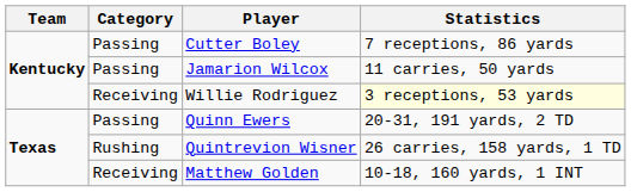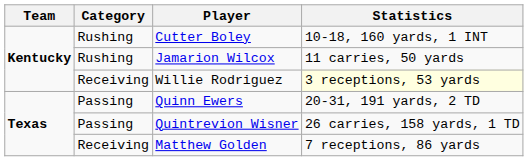 <table class="wikitable" style="float: right;">
 <tr>
 <th>Team</th>
 <th>Category</th>
 <th>Player</th>
 <th>Statistics</th>
 </tr>
 <tr>
 <td rowspan=3><strong>Kentucky</strong></td>
-<td>Passing</td>
+<td>Rushing</td>
 <td><a href='#'>Cutter Boley</a></td>
-<td>7 receptions, 86 yards</td>
+<td>10-18, 160 yards, 1 INT</td>
 </tr>
 <tr>
-<td>Passing</td>
+<td>Rushing</td>
 <td><a href='#'>Jamarion Wilcox</a></td>
 <td>11 carries, 50 yards</td>
 </tr>
 <tr>
 <td>Receiving</td>
 <td>Willie Rodriguez</td>
 <td style="background: lightyellow;">3 receptions, 53 yards</td>
 </tr>
 <tr>
 <td rowspan=3><strong>Texas</strong></td>
 <td>Passing</td>
 <td><a href='#'>Quinn Ewers</a></td>
 <td>20-31, 191 yards, 2 TD</td>
 </tr>
 <tr>
-<td>Rushing</td>
+<td>Passing</td>
 <td><a href='#'>Quintrevion Wisner</a></td>
 <td>26 carries, 158 yards, 1 TD</td>
 </tr>
 <tr>
 <td>Receiving</td>
 <td><a href='#'>Matthew Golden</a></td>
-<td>10-18, 160 yards, 1 INT</td>
+<td>7 receptions, 86 yards</td>
 </tr>
 </table>
